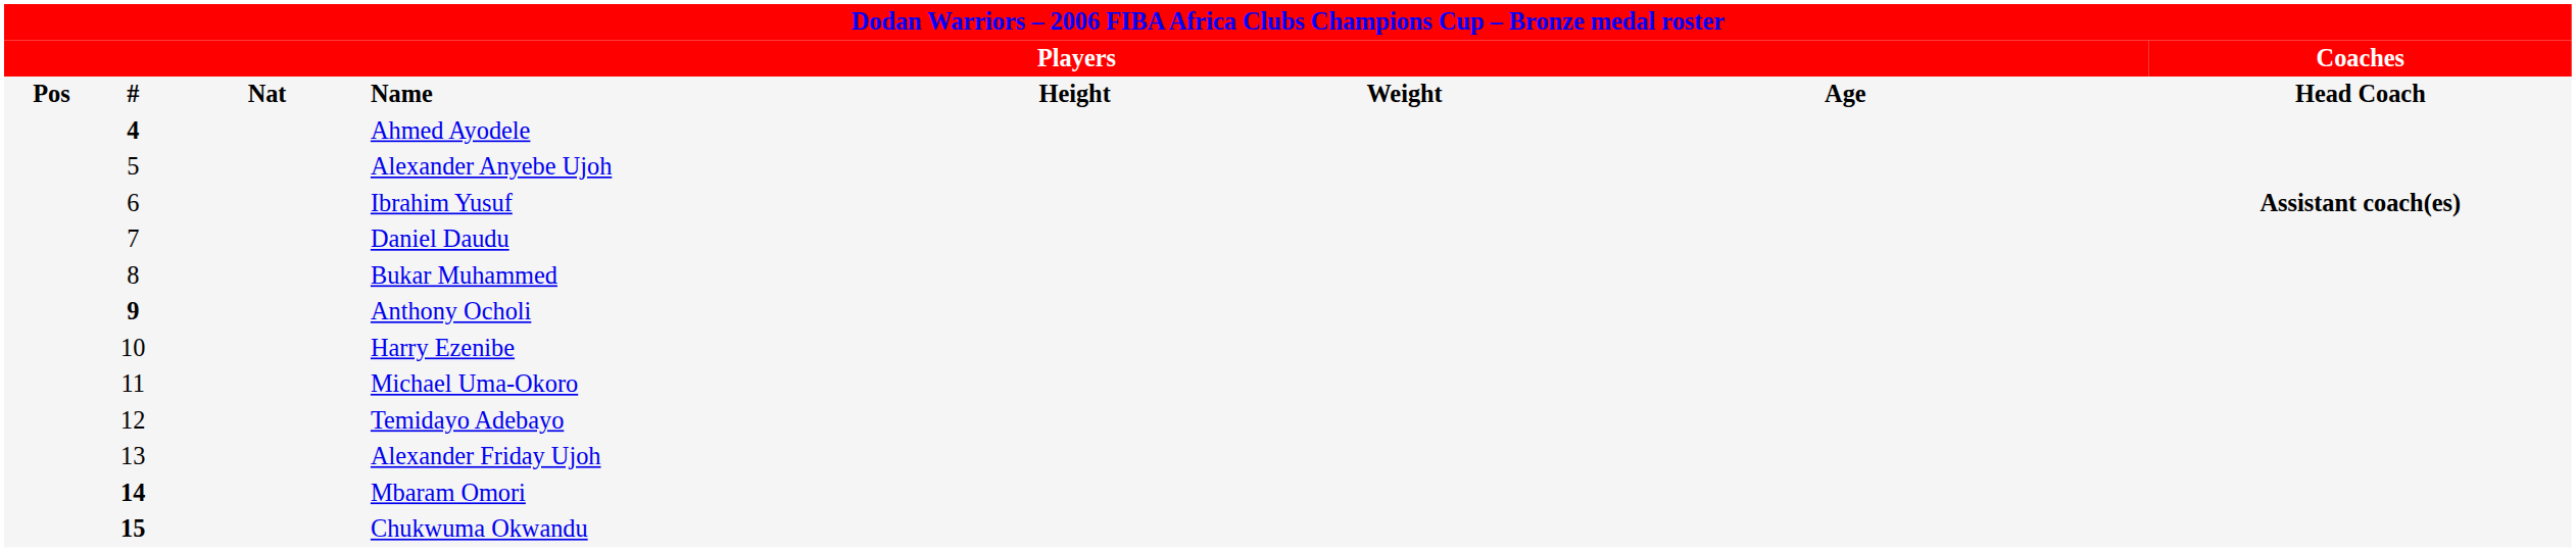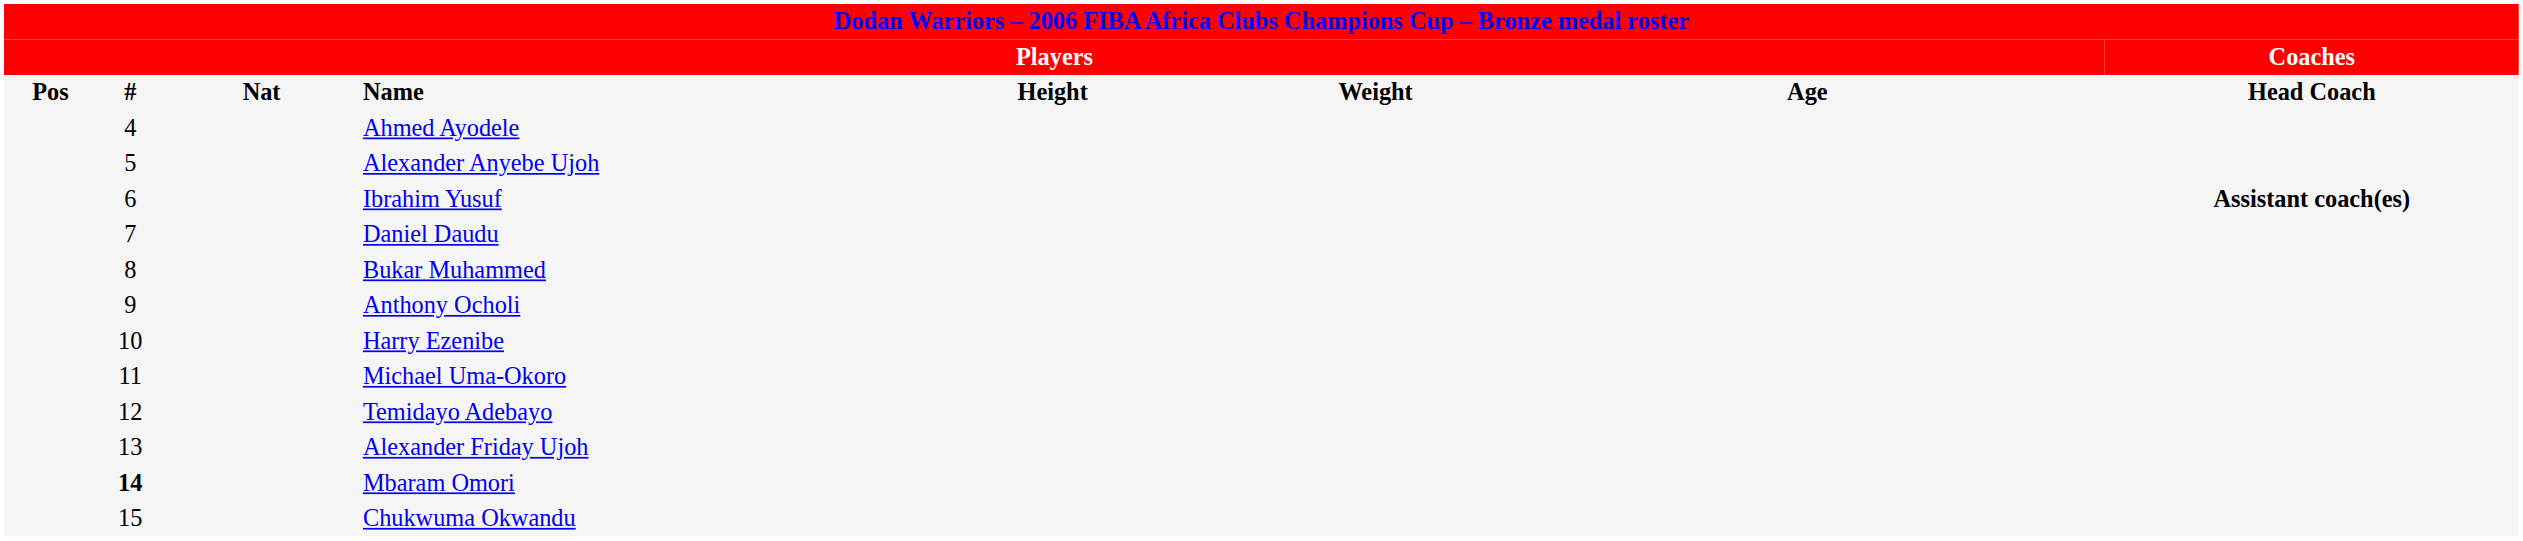 <table border=0 cellpadding=2 cellspacing=0  |- bgcolor=#f5f5f5 style="text-align:center; font-size:90%;" width=75%>
 <tr>
 <td colspan="8" style="background: red; color: blue"><strong>Dodan Warriors – 2006 FIBA Africa Clubs Champions Cup – Bronze medal roster</strong></td>
 </tr>
 <tr>
 <td colspan="7" style="background: red; color: white"><strong>Players</strong></td>
 <td style="background: red; color: white"><strong>Coaches</strong></td>
 </tr>
 <tr style="background=#f5f5f5; color: black">
 <th width=5px>Pos</th>
 <th width=5px>#</th>
 <th width=50px>Nat</th>
 <th width=135px align=left>Name</th>
 <th width=100px>Height</th>
 <th width=70px>Weight</th>
 <th width=160px>Age</th>
 <th width=110px>Head Coach</th>
 </tr>
 <tr>
 <td></td>
-<td><strong>4</strong></td>
+<td>4</td>
 <td></td>
 <td align=left><a href='#'>Ahmed Ayodele</a></td>
 <td></td>
 <td></td>
 <td><span></span></td>
 <td></td>
 </tr>
 <tr>
 <td></td>
 <td>5</td>
 <td></td>
 <td align=left><a href='#'>Alexander Anyebe Ujoh</a></td>
 <td></td>
 <td></td>
 <td><span></span></td>
 </tr>
 <tr>
 <td></td>
 <td>6</td>
 <td></td>
 <td align=left><a href='#'>Ibrahim Yusuf</a></td>
 <td></td>
 <td></td>
 <td><span></span></td>
 <td><strong>Assistant coach(es)</strong></td>
 </tr>
 <tr>
 <td></td>
 <td>7</td>
 <td></td>
 <td align=left><a href='#'>Daniel Daudu</a></td>
 <td></td>
 <td></td>
 <td><span></span></td>
 </tr>
 <tr>
 <td></td>
 <td>8</td>
 <td></td>
 <td align=left><a href='#'>Bukar Muhammed</a></td>
 <td></td>
 <td></td>
 <td><span></span></td>
 </tr>
 <tr>
 <td></td>
-<td><strong>9</strong></td>
+<td>9</td>
 <td></td>
 <td align=left><a href='#'>Anthony Ocholi</a></td>
 <td></td>
 <td></td>
 <td><span></span></td>
 </tr>
 <tr>
 <td></td>
 <td>10</td>
 <td></td>
 <td align=left><a href='#'>Harry Ezenibe</a></td>
 <td></td>
 <td></td>
 <td><span></span></td>
 </tr>
 <tr>
 <td></td>
 <td>11</td>
 <td></td>
 <td align=left><a href='#'>Michael Uma-Okoro</a></td>
 <td></td>
 <td></td>
 <td><span></span></td>
 </tr>
 <tr>
 <td></td>
 <td>12</td>
 <td></td>
 <td align=left><a href='#'>Temidayo Adebayo</a></td>
 <td></td>
 <td></td>
 <td><span></span></td>
 <td></td>
 </tr>
 <tr>
 <td></td>
 <td>13</td>
 <td></td>
 <td align=left><a href='#'>Alexander Friday Ujoh</a></td>
 <td></td>
 <td></td>
 <td><span></span></td>
 <td></td>
 </tr>
 <tr>
 <td></td>
 <td><strong>14</strong></td>
 <td></td>
 <td align=left><a href='#'>Mbaram Omori</a></td>
 <td></td>
 <td></td>
 <td></td>
 <td></td>
 </tr>
 <tr>
 <td></td>
-<td><strong>15</strong></td>
+<td>15</td>
 <td></td>
 <td align=left><a href='#'>Chukwuma Okwandu</a></td>
 <td></td>
 <td></td>
 <td><span></span></td>
 </tr>
 </table>
